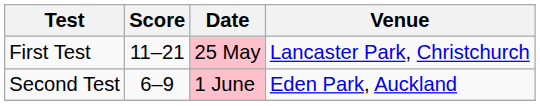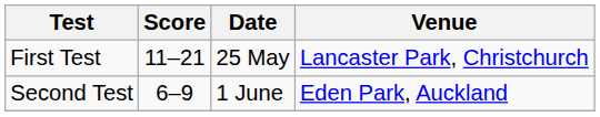 <table class="wikitable">
 <tr>
 <th>Test</th>
 <th>Score</th>
 <th>Date</th>
 <th>Venue</th>
 </tr>
 <tr>
 <td>First Test</td>
 <td align=center>11–21</td>
-<td style="background: pink;">25 May</td>
+<td>25 May</td>
 <td><a href='#'>Lancaster Park</a>, <a href='#'>Christchurch</a></td>
 </tr>
 <tr>
 <td>Second Test</td>
 <td align=center>6–9</td>
-<td style="background: pink;">1 June</td>
+<td>1 June</td>
 <td><a href='#'>Eden Park</a>, <a href='#'>Auckland</a></td>
 </tr>
 <tr>
 </tr>
 </table>
